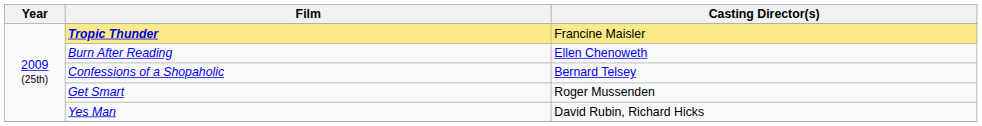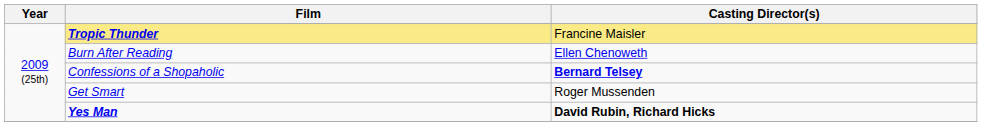 <table class="wikitable" style="width:100%">
 <tr bgcolor="#bebebe">
 <th width="5%">Year</th>
 <th width="40%">Film</th>
 <th width="35%">Casting Director(s)</th>
 </tr>
 <tr>
 <td rowspan=6 style="text-align:center"><a href='#'>2009</a><br><small>(25th)</small><br></td>
 </tr>
 <tr style="background:#FAEB86">
 <td><strong><em><a href='#'>Tropic Thunder</a></em></strong></td>
 <td>Francine Maisler</td>
 </tr>
 <tr>
 <td><em><a href='#'>Burn After Reading</a></em></td>
 <td><a href='#'>Ellen Chenoweth</a></td>
 </tr>
 <tr>
 <td><em><a href='#'>Confessions of a Shopaholic</a></em></td>
-<td><a href='#'>Bernard Telsey</a></td>
+<td><strong><a href='#'>Bernard Telsey</a></strong></td>
 </tr>
 <tr>
 <td><em><a href='#'>Get Smart</a></em></td>
 <td>Roger Mussenden</td>
 </tr>
 <tr>
-<td><em><a href='#'>Yes Man</a></em></td>
-<td>David Rubin, Richard Hicks</td>
+<td><strong><em><a href='#'>Yes Man</a></em></strong></td>
+<td><strong>David Rubin, Richard Hicks</strong></td>
 </tr>
 <tr>
 </tr>
 </table>
